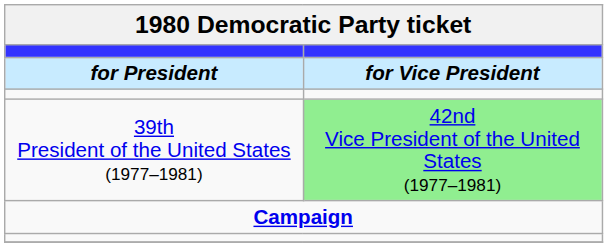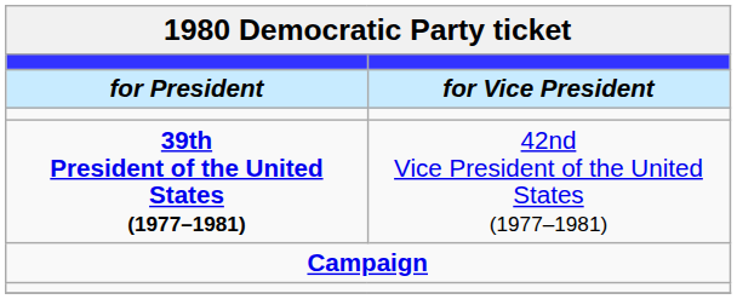 <table class="wikitable" style="font-size:90%; text-align:center;">
 <tr>
 <td style="background:#f1f1f1;" colspan="30"><big><strong>1980 Democratic Party ticket</strong></big></td>
 </tr>
 <tr>
 <th style="width:3em; font-size:135%; background:#3333FF; width:200px;"><a href='#'></a></th>
 <th style="width:3em; font-size:135%; background:#3333FF; width:200px;"><a href='#'></a></th>
 </tr>
 <tr style="color:#000; font-size:100%; background:#c8ebff;">
 <td style="width:3em; width:200px;"><strong><em>for President</em></strong></td>
 <td style="width:3em; width:200px;"><strong><em>for Vice President</em></strong></td>
 </tr>
 <tr>
 <td></td>
 <td></td>
 </tr>
 <tr>
-<td><a href='#'>39th</a><br><a href='#'>President of the United States</a><br><small>(1977–1981)</small></td>
-<td style="background: lightgreen;"><a href='#'>42nd</a><br><a href='#'>Vice President of the United States</a><br><small>(1977–1981)</small></td>
+<td><strong><a href='#'>39th</a><br><a href='#'>President of the United States</a><br><small>(1977–1981)</small></strong></td>
+<td><a href='#'>42nd</a><br><a href='#'>Vice President of the United States</a><br><small>(1977–1981)</small></td>
 </tr>
 <tr>
 <td colspan=2><strong><a href='#'>Campaign</a></strong></td>
 </tr>
 <tr>
 <td colspan=2></td>
 </tr>
 <tr>
 </tr>
 </table>
